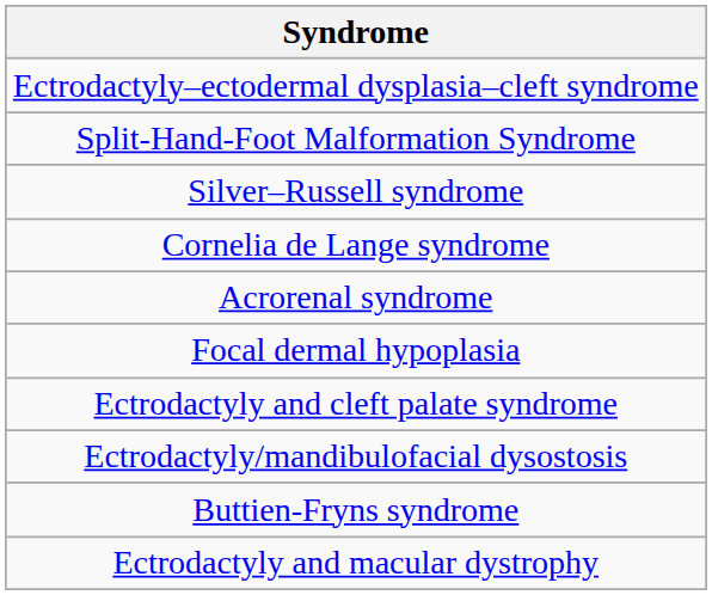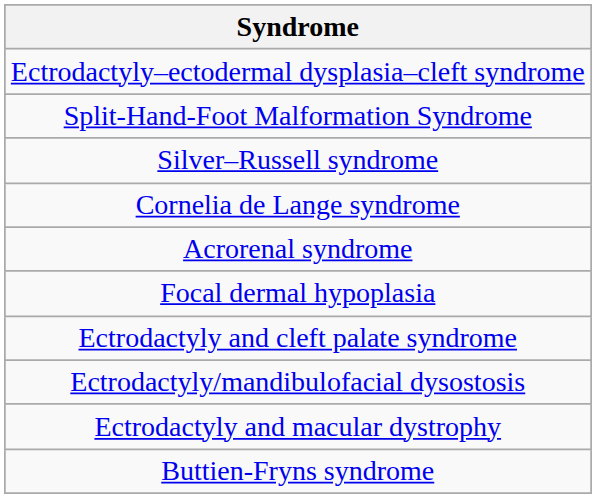 <table class="wikitable" style = "float: right; margin-left:15px; text-align:center">
 <tr>
 <th>Syndrome</th>
 </tr>
 <tr>
 <td><a href='#'>Ectrodactyly–ectodermal dysplasia–cleft syndrome</a></td>
 </tr>
 <tr>
 <td><a href='#'>Split-Hand-Foot Malformation Syndrome</a></td>
 </tr>
 <tr>
 <td><a href='#'>Silver–Russell syndrome</a></td>
 </tr>
 <tr>
 <td><a href='#'>Cornelia de Lange syndrome</a></td>
 </tr>
 <tr>
 <td><a href='#'>Acrorenal syndrome</a></td>
 </tr>
 <tr>
 <td><a href='#'>Focal dermal hypoplasia</a></td>
 </tr>
 <tr>
 <td><a href='#'>Ectrodactyly and cleft palate syndrome</a></td>
 </tr>
 <tr>
 <td><a href='#'>Ectrodactyly/mandibulofacial dysostosis</a></td>
 </tr>
 <tr>
+<td><a href='#'>Ectrodactyly and macular dystrophy</a></td>
+</tr>
+<tr>
 <td><a href='#'>Buttien-Fryns syndrome</a></td>
 </tr>
-<tr>
-<td><a href='#'>Ectrodactyly and macular dystrophy</a></td>
-</tr>
 </table>
